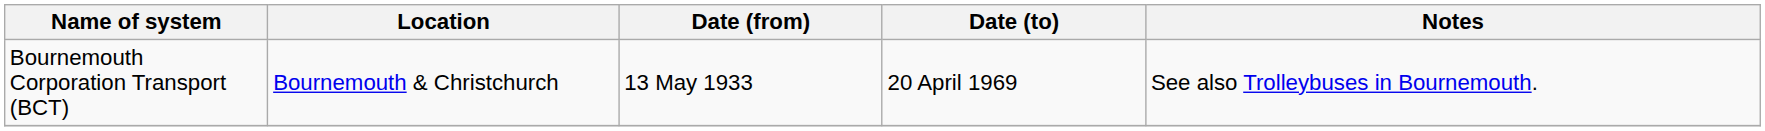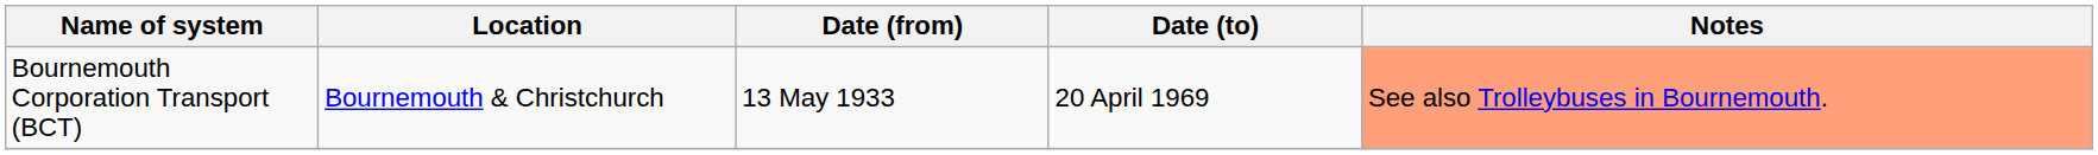 <table class="wikitable" width=100%>
 <tr>
 <th width=15%>Name of system</th>
 <th width=20%>Location</th>
 <th width=15%>Date (from)</th>
 <th width=15%>Date (to)</th>
 <th width=35%>Notes</th>
 </tr>
 <tr>
 <td>Bournemouth Corporation Transport (BCT)</td>
 <td><a href='#'>Bournemouth</a> & Christchurch</td>
 <td>13 May 1933</td>
 <td>20 April 1969</td>
-<td>See also <a href='#'>Trolleybuses in Bournemouth</a>.</td>
+<td style="background: lightsalmon;">See also <a href='#'>Trolleybuses in Bournemouth</a>.</td>
 </tr>
 <tr>
 </tr>
 </table>
